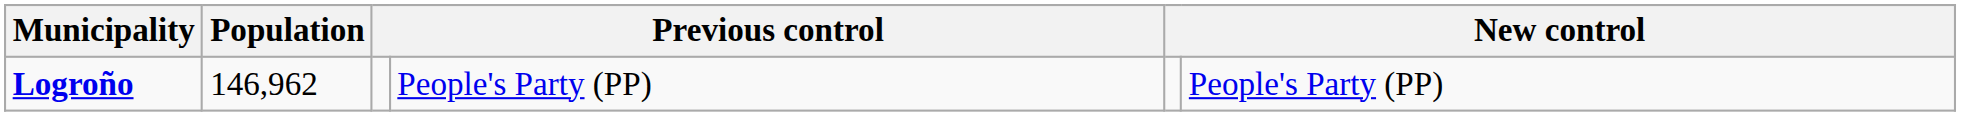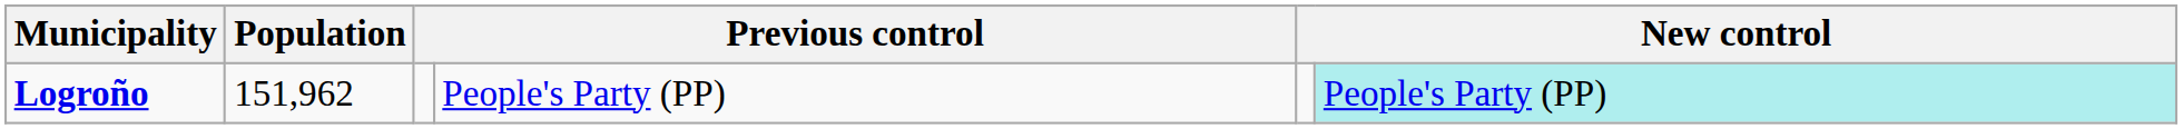 <table class="wikitable sortable">
 <tr>
 <th>Municipality</th>
 <th>Population</th>
 <th colspan="2" style="width:375px;">Previous control</th>
 <th colspan="2" style="width:375px;">New control</th>
 </tr>
 <tr>
 <td><strong><a href='#'>Logroño</a></strong></td>
-<td>146,962</td>
+<td>151,962</td>
 <td width="1" style="color:inherit;background:"></td>
 <td align="left"><a href='#'>People's Party</a> (PP)</td>
 <td width="1" style="color:inherit;background:"></td>
-<td align="left"><a href='#'>People's Party</a> (PP)</td>
+<td align="left" style="background: paleturquoise;"><a href='#'>People's Party</a> (PP)</td>
 </tr>
 </table>
